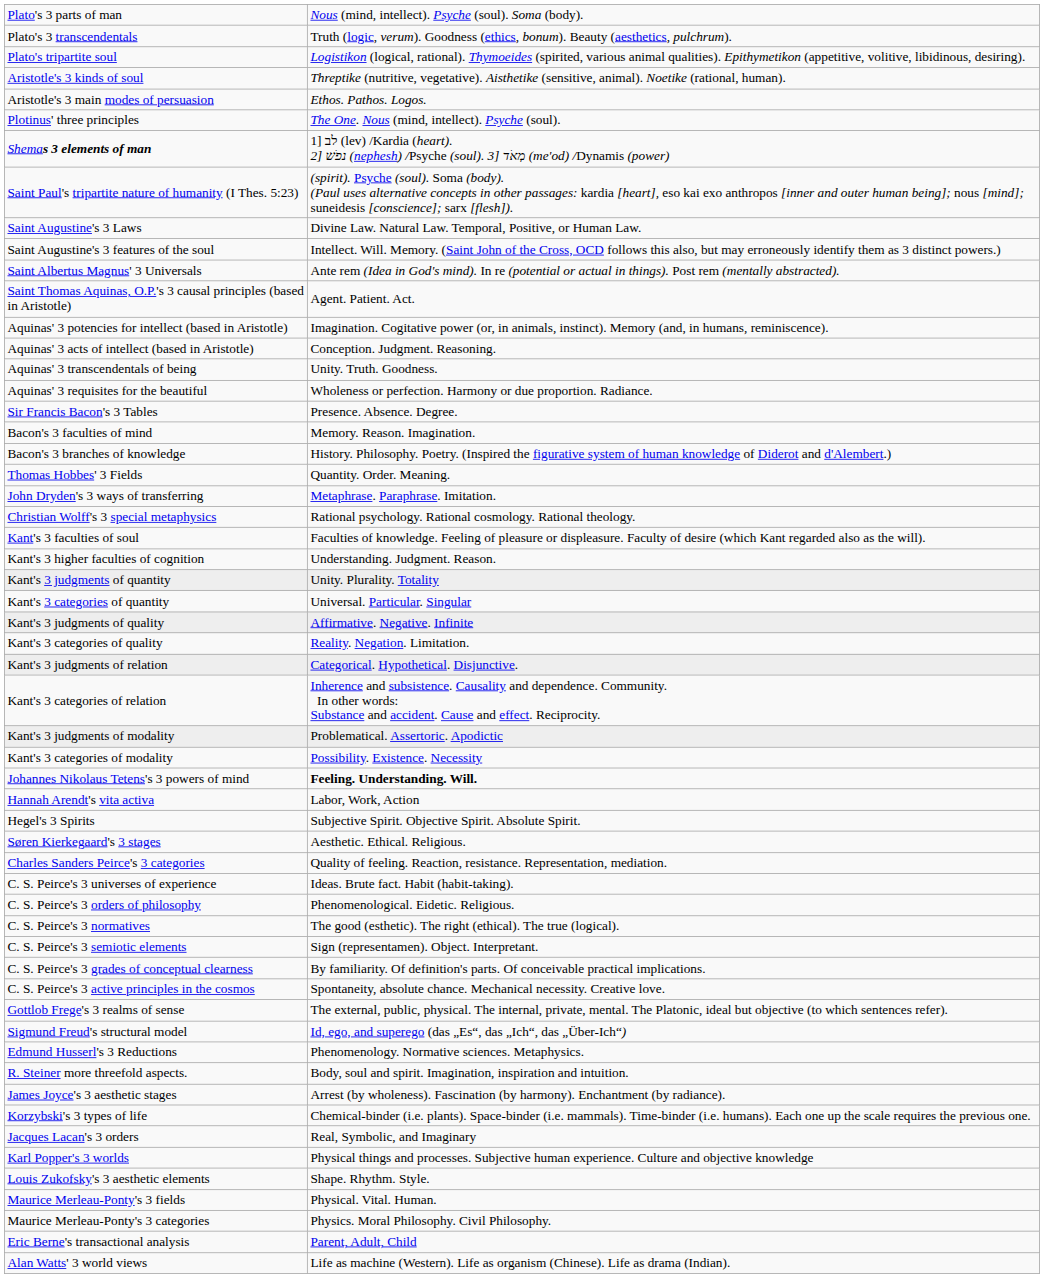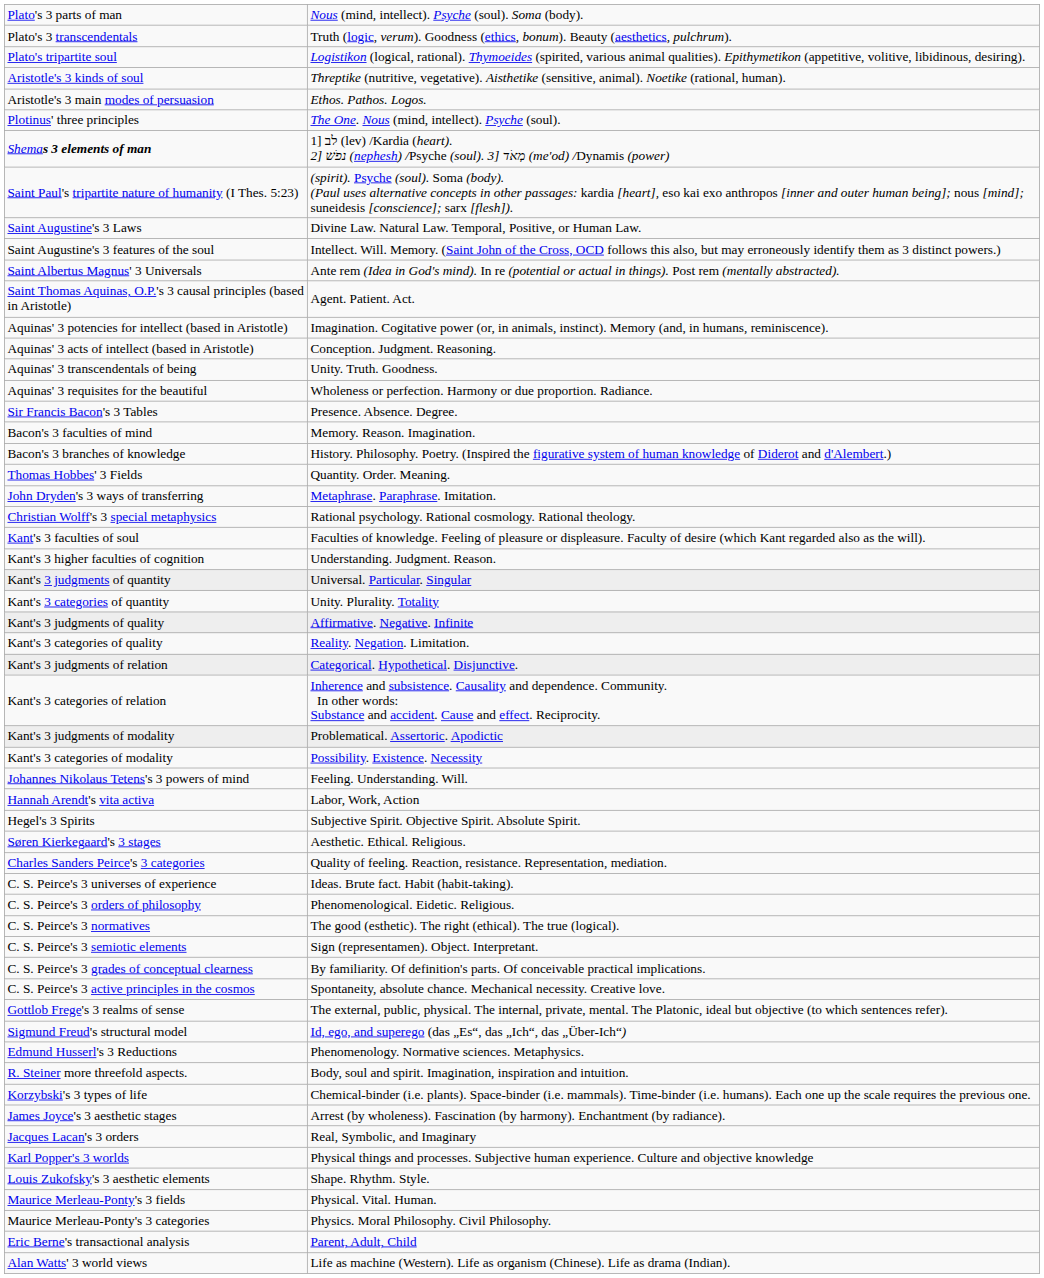 <table class=wikitable border="1">
 <tr>
 <td><a href='#'>Plato</a>'s 3 parts of man</td>
 <td><em><a href='#'>Nous</a></em> (mind, intellect). <em><a href='#'>Psyche</a></em> (soul). <em>Soma</em> (body).</td>
 </tr>
 <tr>
 <td>Plato's 3 <a href='#'>transcendentals</a></td>
 <td>Truth (<a href='#'>logic</a>, <em>verum</em>). Goodness (<a href='#'>ethics</a>, <em>bonum</em>). Beauty (<a href='#'>aesthetics</a>, <em>pulchrum</em>).</td>
 </tr>
 <tr>
 <td><a href='#'>Plato's tripartite soul</a></td>
 <td><em><a href='#'>Logistikon</a></em> (logical, rational). <em><a href='#'>Thymoeides</a></em> (spirited, various animal qualities). <em>Epithymetikon</em> (appetitive, volitive, libidinous, desiring).</td>
 </tr>
 <tr>
 <td><a href='#'>Aristotle's 3 kinds of soul</a></td>
 <td><em>Threptike</em> (nutritive, vegetative). <em>Aisthetike</em> (sensitive, animal). <em>Noetike</em> (rational, human).</td>
 </tr>
 <tr>
 <td>Aristotle's 3 main <a href='#'>modes of persuasion</a></td>
 <td><em>Ethos. Pathos. Logos.</em></td>
 </tr>
 <tr>
 <td><a href='#'>Plotinus</a>' three principles</td>
 <td><em><a href='#'>The One</a></em>. <em><a href='#'>Nous</a></em> (mind, intellect). <em><a href='#'>Psyche</a></em> (soul).</td>
 </tr>
 <tr>
 <td><em><a href='#'>Shema</a><strong>s 3 elements of man</td>
 <td>1] לב (lev) /</em>Kardia (<em>heart).<br>2] נפׁש (<a href='#'>nephesh</a>) /</em>Psyche<em> (soul).  3] מְאֹד (me'od) /</em>Dynamis<em> (power)</td>
 </tr>
 <tr>
 <td><a href='#'>Saint Paul</a>'s <a href='#'>tripartite nature of humanity</a> (I Thes. 5:23)</td>
 <td></em><em> (spirit). </em><a href='#'>Psyche</a><em> (soul). </em>Soma<em> (body).<br>(Paul uses alternative concepts in other passages: </em>kardia<em> [heart], </em>eso kai exo anthropos<em> [inner and outer human being]; </em>nous<em> [mind]; </em>suneidesis<em> [conscience]; </em>sarx<em> [flesh]).</td>
 </tr>
 <tr>
 <td><a href='#'>Saint Augustine</a>'s 3 Laws</td>
 <td>Divine Law. Natural Law. Temporal, Positive, or Human Law.</td>
 </tr>
 <tr>
 <td>Saint Augustine's 3 features of the soul</td>
 <td>Intellect. Will. Memory. (<a href='#'>Saint John of the Cross, OCD</a> follows this also, but may erroneously identify them as 3 distinct powers.)</td>
 </tr>
 <tr>
 <td><a href='#'>Saint Albertus Magnus</a>' 3 Universals</td>
 <td></em>Ante rem<em> (Idea in God's mind). </em>In re<em> (potential or actual in things). </em>Post rem<em> (mentally abstracted).</td>
 </tr>
 <tr>
 <td><a href='#'>Saint Thomas Aquinas, O.P.</a>'s 3 causal principles (based in Aristotle)</td>
 <td>Agent. Patient. Act.</td>
 </tr>
 <tr>
 <td>Aquinas' 3 potencies for intellect (based in Aristotle)</td>
 <td>Imagination. Cogitative power (or, in animals, instinct). Memory (and, in humans, reminiscence).</td>
 </tr>
 <tr>
 <td>Aquinas' 3 acts of intellect (based in Aristotle)</td>
 <td>Conception. Judgment. Reasoning.</td>
 </tr>
 <tr>
 <td>Aquinas' 3 transcendentals of being</td>
 <td>Unity. Truth. Goodness.</td>
 </tr>
 <tr>
 <td>Aquinas' 3 requisites for the beautiful</td>
 <td>Wholeness or perfection. Harmony or due proportion. Radiance.</td>
 </tr>
 <tr>
 <td><a href='#'>Sir Francis Bacon</a>'s 3 Tables</td>
 <td>Presence. Absence. Degree.</td>
 </tr>
 <tr>
 <td>Bacon's 3 faculties of mind</td>
 <td>Memory. Reason. Imagination.</td>
 </tr>
 <tr>
 <td>Bacon's 3 branches of knowledge</td>
 <td>History. Philosophy. Poetry. (Inspired the <a href='#'>figurative system of human knowledge</a> of <a href='#'>Diderot</a> and <a href='#'>d'Alembert</a>.)</td>
 </tr>
 <tr>
 <td><a href='#'>Thomas Hobbes</a>' 3 Fields</td>
 <td>Quantity. Order. Meaning.</td>
 </tr>
 <tr>
 <td><a href='#'>John Dryden</a>'s 3 ways of transferring</td>
 <td><a href='#'>Metaphrase</a>. <a href='#'>Paraphrase</a>. Imitation.</td>
 </tr>
 <tr>
 <td><a href='#'>Christian Wolff</a>'s 3 <a href='#'>special metaphysics</a></td>
 <td>Rational psychology. Rational cosmology. Rational theology.</td>
 </tr>
 <tr>
 <td><a href='#'>Kant</a>'s 3 faculties of soul</td>
 <td>Faculties of knowledge. Feeling of pleasure or displeasure. Faculty of desire (which Kant regarded also as the will).</td>
 </tr>
 <tr>
 <td>Kant's 3 higher faculties of cognition</td>
 <td>Understanding. Judgment. Reason.</td>
 </tr>
 <tr bgcolor=#eeeeee>
 <td>Kant's <a href='#'>3 judgments</a> of quantity</td>
-<td>Unity. Plurality. <a href='#'>Totality</a></td>
+<td>Universal. <a href='#'>Particular</a>. <a href='#'>Singular</a></td>
 </tr>
 <tr>
 <td>Kant's <a href='#'>3 categories</a> of quantity</td>
-<td>Universal. <a href='#'>Particular</a>. <a href='#'>Singular</a></td>
+<td>Unity. Plurality. <a href='#'>Totality</a></td>
 </tr>
 <tr bgcolor=#eeeeee>
 <td>Kant's 3 judgments of quality</td>
 <td><a href='#'>Affirmative</a>. <a href='#'>Negative</a>. <a href='#'>Infinite</a></td>
 </tr>
 <tr>
 <td>Kant's 3 categories of quality</td>
 <td><a href='#'>Reality</a>. <a href='#'>Negation</a>. Limitation.</td>
 </tr>
 <tr bgcolor=#eeeeee>
 <td>Kant's 3 judgments of relation</td>
 <td><a href='#'>Categorical</a>. <a href='#'>Hypothetical</a>. <a href='#'>Disjunctive</a>.</td>
 </tr>
 <tr>
 <td>Kant's 3 categories of relation</td>
 <td><a href='#'>Inherence</a> and <a href='#'>subsistence</a>. <a href='#'>Causality</a> and dependence. Community. <br>  In other words: <br><a href='#'>Substance</a> and <a href='#'>accident</a>. <a href='#'>Cause</a> and <a href='#'>effect</a>. Reciprocity.</td>
 </tr>
 <tr bgcolor=#eeeeee>
 <td>Kant's 3 judgments of modality</td>
 <td>Problematical. <a href='#'>Assertoric</a>. <a href='#'>Apodictic</a></td>
 </tr>
 <tr>
 <td>Kant's 3 categories of modality</td>
 <td><a href='#'>Possibility</a>. <a href='#'>Existence</a>. <a href='#'>Necessity</a></td>
 </tr>
 <tr>
 <td><a href='#'>Johannes Nikolaus Tetens</a>'s 3 powers of mind</td>
-<td><strong>Feeling. Understanding. Will.</strong></td>
+<td>Feeling. Understanding. Will.</td>
 </tr>
 <tr>
 <td><a href='#'>Hannah Arendt</a>'s </em><a href='#'>vita activa</a><em></td>
 <td>Labor, Work, Action</td>
 </tr>
 <tr>
 <td>Hegel's 3 Spirits</td>
 <td>Subjective Spirit. Objective Spirit. Absolute Spirit.</td>
 </tr>
 <tr>
 <td><a href='#'>Søren Kierkegaard</a>'s <a href='#'>3 stages</a></td>
 <td>Aesthetic. Ethical. Religious.</td>
 </tr>
 <tr>
 <td><a href='#'>Charles Sanders Peirce</a>'s <a href='#'>3 categories</a></td>
 <td>Quality of feeling. Reaction, resistance. Representation, mediation.</td>
 </tr>
 <tr>
 <td>C. S. Peirce's 3 universes of experience</td>
 <td>Ideas. Brute fact. Habit (habit-taking).</td>
 </tr>
 <tr>
 <td>C. S. Peirce's 3 <a href='#'>orders of philosophy</a></td>
 <td>Phenomenological. Eidetic. Religious.</td>
 </tr>
 <tr>
 <td>C. S. Peirce's 3 <a href='#'>normatives</a></td>
 <td>The good (esthetic). The right (ethical). The true (logical).</td>
 </tr>
 <tr>
 <td>C. S. Peirce's 3 <a href='#'>semiotic elements</a></td>
 <td>Sign (representamen). Object. Interpretant.</td>
 </tr>
 <tr>
 <td>C. S. Peirce's 3 <a href='#'>grades of conceptual clearness</a></td>
 <td>By familiarity. Of definition's parts. Of conceivable practical implications.</td>
 </tr>
 <tr>
 <td>C. S. Peirce's 3 <a href='#'>active principles in the cosmos</a></td>
 <td>Spontaneity, absolute chance. Mechanical necessity. Creative love.</td>
 </tr>
 <tr>
 <td><a href='#'>Gottlob Frege</a>'s 3 realms of sense</td>
 <td>The external, public, physical. The internal, private, mental. The Platonic, ideal but objective (to which sentences refer).</td>
 </tr>
 <tr>
 <td><a href='#'>Sigmund Freud</a>'s structural model</td>
 <td><a href='#'>Id, ego, and superego</a> (</em>das „Es“, das „Ich“, das „Über-Ich“<em>)</td>
 </tr>
 <tr>
 <td><a href='#'>Edmund Husserl</a>'s 3 Reductions</td>
 <td>Phenomenology. Normative sciences. Metaphysics.</td>
 </tr>
 <tr>
 <td><a href='#'>R. Steiner</a> more threefold aspects.</td>
 <td>Body, soul and spirit. Imagination, inspiration and intuition.</td>
 </tr>
 <tr>
+<td><a href='#'>Korzybski</a>'s 3 types of life</td>
+<td>Chemical-binder (i.e. plants). Space-binder (i.e. mammals). Time-binder (i.e. humans). Each one up the scale requires the previous one.</td>
+</tr>
+<tr>
 <td><a href='#'>James Joyce</a>'s 3 aesthetic stages</td>
 <td>Arrest (by wholeness). Fascination (by harmony). Enchantment (by radiance).</td>
-</tr>
-<tr>
-<td><a href='#'>Korzybski</a>'s 3 types of life</td>
-<td>Chemical-binder (i.e. plants). Space-binder (i.e. mammals). Time-binder (i.e. humans). Each one up the scale requires the previous one.</td>
 </tr>
 <tr>
 <td><a href='#'>Jacques Lacan</a>'s 3 orders</td>
 <td>Real, Symbolic, and Imaginary</td>
 </tr>
 <tr>
 <td><a href='#'>Karl Popper's 3 worlds</a></td>
 <td>Physical things and processes. Subjective human experience. Culture and objective knowledge</td>
 </tr>
 <tr>
 <td><a href='#'>Louis Zukofsky</a>'s 3 aesthetic elements</td>
 <td>Shape. Rhythm. Style.</td>
 </tr>
 <tr>
 <td><a href='#'>Maurice Merleau-Ponty</a>'s 3 fields</td>
 <td>Physical. Vital. Human.</td>
 </tr>
 <tr>
 <td>Maurice Merleau-Ponty's 3 categories</td>
 <td>Physics. Moral Philosophy. Civil Philosophy.</td>
 </tr>
 <tr>
 <td><a href='#'>Eric Berne</a>'s transactional analysis</td>
 <td><a href='#'>Parent, Adult, Child</a></td>
 </tr>
 <tr>
 <td><a href='#'>Alan Watts</a>' 3 world views</td>
 <td>Life as machine (Western). Life as organism (Chinese). Life as drama (Indian).</td>
 </tr>
 </table>
